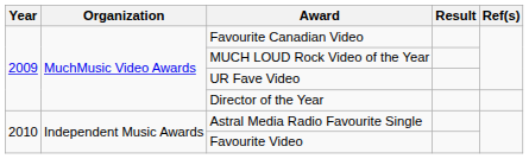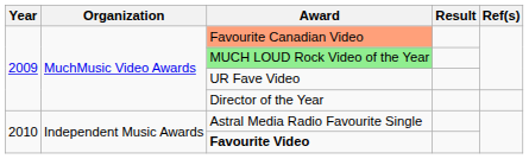 <table class="wikitable plainrowheaders">
 <tr align=center>
 <th scope="col">Year</th>
 <th scope="col">Organization</th>
 <th scope="col">Award</th>
 <th scope="col">Result</th>
 <th scope="col">Ref(s)</th>
 </tr>
 <tr>
 <td rowspan="4"><a href='#'>2009</a></td>
 <td rowspan="4"><a href='#'>MuchMusic Video Awards</a></td>
-<td>Favourite Canadian Video</td>
+<td style="background: lightsalmon;">Favourite Canadian Video</td>
 <td></td>
 <td style="text-align:center;" rowspan="3"></td>
 </tr>
 <tr>
-<td>MUCH LOUD Rock Video of the Year</td>
+<td style="background: lightgreen;">MUCH LOUD Rock Video of the Year</td>
 <td></td>
 </tr>
 <tr>
 <td>UR Fave Video</td>
 <td></td>
 </tr>
 <tr>
 <td>Director of the Year</td>
 <td></td>
 <td style="text-align:center;"></td>
 </tr>
 <tr>
 <td rowspan="2">2010</td>
 <td rowspan="2">Independent Music Awards</td>
 <td>Astral Media Radio Favourite Single</td>
 <td></td>
 <td style="text-align:center;" rowspan="2"></td>
 </tr>
 <tr>
-<td>Favourite Video</td>
+<td><strong>Favourite Video</strong></td>
 <td></td>
 </tr>
 </table>
